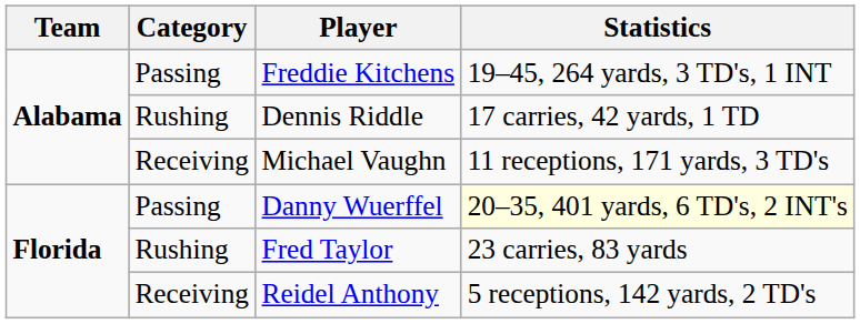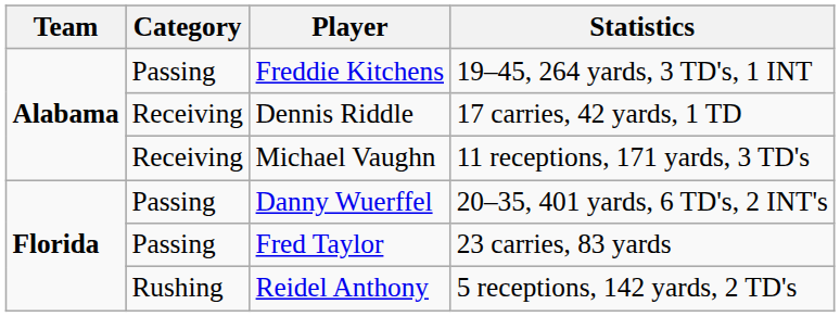 <table class="wikitable" style="float: right;">
 <tr>
 <th>Team</th>
 <th>Category</th>
 <th>Player</th>
 <th>Statistics</th>
 </tr>
 <tr>
 <td rowspan=3><strong>Alabama</strong></td>
 <td>Passing</td>
 <td><a href='#'>Freddie Kitchens</a></td>
 <td>19–45, 264 yards, 3 TD's, 1 INT</td>
 </tr>
 <tr>
-<td>Rushing</td>
+<td>Receiving</td>
 <td>Dennis Riddle</td>
 <td>17 carries, 42 yards, 1 TD</td>
 </tr>
 <tr>
 <td>Receiving</td>
 <td>Michael Vaughn</td>
 <td>11 receptions, 171 yards, 3 TD's</td>
 </tr>
 <tr>
 <td rowspan=3><strong>Florida</strong></td>
 <td>Passing</td>
 <td><a href='#'>Danny Wuerffel</a></td>
-<td style="background: lightyellow;">20–35, 401 yards, 6 TD's, 2 INT's</td>
+<td>20–35, 401 yards, 6 TD's, 2 INT's</td>
 </tr>
 <tr>
-<td>Rushing</td>
+<td>Passing</td>
 <td><a href='#'>Fred Taylor</a></td>
 <td>23 carries, 83 yards</td>
 </tr>
 <tr>
-<td>Receiving</td>
+<td>Rushing</td>
 <td><a href='#'>Reidel Anthony</a></td>
 <td>5 receptions, 142 yards, 2 TD's</td>
 </tr>
 </table>
